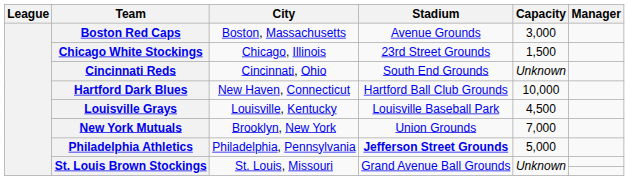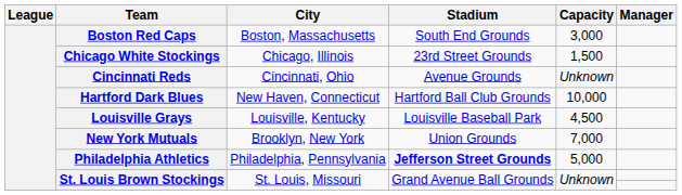 <table class="wikitable sortable plainrowheaders" style="text-align:center;">
 <tr>
 <th scope="col">League</th>
 <th scope="col">Team</th>
 <th scope="col">City</th>
 <th scope="col">Stadium</th>
 <th scope="col">Capacity</th>
 <th scope="col">Manager</th>
 </tr>
 <tr>
 <th rowspan="9"></th>
 <th scope="row"><a href='#'>Boston Red Caps</a></th>
 <td><a href='#'>Boston</a>, <a href='#'>Massachusetts</a></td>
-<td><a href='#'>Avenue Grounds</a></td>
+<td><a href='#'>South End Grounds</a></td>
 <td>3,000</td>
 <td></td>
 </tr>
 <tr>
 <th scope="row"><a href='#'>Chicago White Stockings</a></th>
 <td><a href='#'>Chicago</a>, <a href='#'>Illinois</a></td>
 <td><a href='#'>23rd Street Grounds</a></td>
 <td>1,500</td>
 <td></td>
 </tr>
 <tr>
 <th scope="row"><a href='#'>Cincinnati Reds</a></th>
 <td><a href='#'>Cincinnati</a>, <a href='#'>Ohio</a></td>
-<td><a href='#'>South End Grounds</a></td>
+<td><a href='#'>Avenue Grounds</a></td>
 <td><em>Unknown</em></td>
 <td></td>
 </tr>
 <tr>
 <th scope="row"><a href='#'>Hartford Dark Blues</a></th>
 <td><a href='#'>New Haven</a>, <a href='#'>Connecticut</a></td>
 <td><a href='#'>Hartford Ball Club Grounds</a></td>
 <td>10,000</td>
 <td></td>
 </tr>
 <tr>
 <th scope="row"><a href='#'>Louisville Grays</a></th>
 <td><a href='#'>Louisville</a>, <a href='#'>Kentucky</a></td>
 <td><a href='#'>Louisville Baseball Park</a></td>
 <td>4,500</td>
 <td></td>
 </tr>
 <tr>
 <th scope="row"><a href='#'>New York Mutuals</a></th>
 <td><a href='#'>Brooklyn</a>, <a href='#'>New York</a></td>
 <td><a href='#'>Union Grounds</a></td>
 <td>7,000</td>
 <td></td>
 </tr>
 <tr>
 <th scope="row"><a href='#'>Philadelphia Athletics</a></th>
 <td><a href='#'>Philadelphia</a>, <a href='#'>Pennsylvania</a></td>
 <td><strong><a href='#'>Jefferson Street Grounds</a></strong></td>
 <td>5,000</td>
 <td></td>
 </tr>
 <tr>
 <th rowspan="2" scope="row"><a href='#'>St. Louis Brown Stockings</a></th>
 <td rowspan="2"><a href='#'>St. Louis</a>, <a href='#'>Missouri</a></td>
 <td rowspan="2"><a href='#'>Grand Avenue Ball Grounds</a></td>
 <td rowspan="2"><em>Unknown</em></td>
 <td></td>
 </tr>
 <tr>
 <td></td>
 </tr>
 </table>
